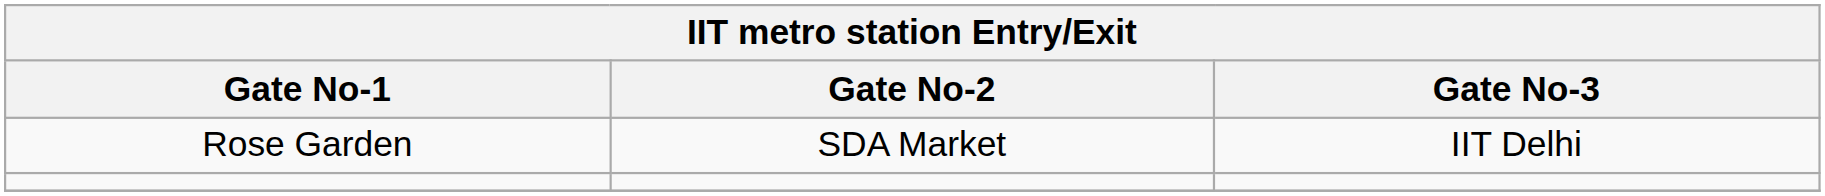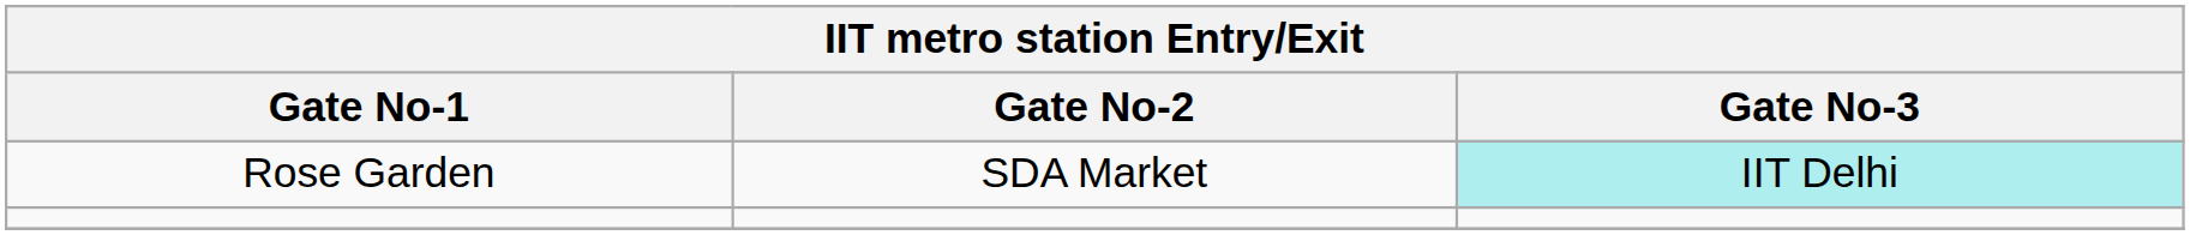 <table class="wikitable" style="text-align: center;" width="65%">
 <tr>
 <th align="center" colspan="5" style="background:#"><span>IIT metro station Entry/Exit</span></th>
 </tr>
 <tr>
 <th style="width:15%;">Gate No-1</th>
 <th style="width:15%;">Gate No-2 </th>
 <th style="width:15%;">Gate No-3 </th>
 </tr>
 <tr>
 <td>Rose Garden</td>
 <td>SDA Market</td>
-<td>IIT Delhi</td>
+<td style="background: paleturquoise;">IIT Delhi</td>
 </tr>
 <tr>
 <td></td>
 <td></td>
 <td></td>
 </tr>
 <tr>
 </tr>
 </table>
